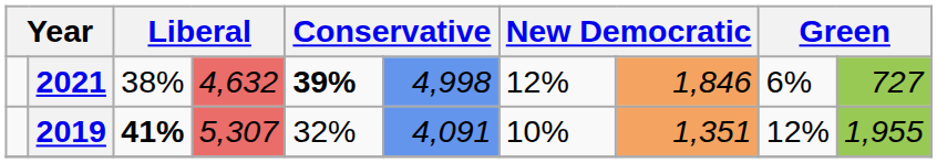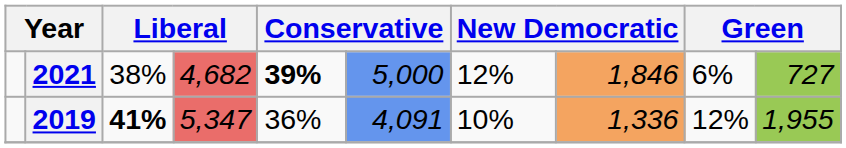 <table class="wikitable" style="float:right; width:400; font-size:90%; margin-left:1em;">
 <tr>
 <th colspan="2" scope="col">Year</th>
 <th colspan="2" scope="col"><a href='#'>Liberal</a></th>
 <th colspan="2" scope="col"><a href='#'>Conservative</a></th>
 <th colspan="2" scope="col"><a href='#'>New Democratic</a></th>
 <th colspan="2" scope="col"><a href='#'>Green</a></th>
 </tr>
 <tr>
 <td style="width: 0.25em; background-color: "></td>
 <th><a href='#'>2021</a></th>
 <td>38%</td>
-<td style="text-align:right; background:#EA6D6A;"><em>4,632</em></td>
+<td style="text-align:right; background:#EA6D6A;"><em>4,682</em></td>
 <td><strong>39%</strong></td>
-<td style="text-align:right; background:#6495ED;"><em>4,998</em></td>
+<td style="text-align:right; background:#6495ED;"><em>5,000</em></td>
 <td>12%</td>
 <td style="text-align:right; background:#F4A460;"><em>1,846</em></td>
 <td>6%</td>
 <td style="text-align:right; background:#99C955;"><em>727</em></td>
 </tr>
 <tr>
 <td style="width: 0.25em; background-color: "></td>
 <th><a href='#'>2019</a></th>
 <td><strong>41%</strong></td>
-<td style="text-align:right; background:#EA6D6A;"><em>5,307</em></td>
-<td>32%</td>
+<td style="text-align:right; background:#EA6D6A;"><em>5,347</em></td>
+<td>36%</td>
 <td style="text-align:right; background:#6495ED;"><em>4,091</em></td>
 <td>10%</td>
-<td style="text-align:right; background:#F4A460;"><em>1,351</em></td>
+<td style="text-align:right; background:#F4A460;"><em>1,336</em></td>
 <td>12%</td>
 <td style="text-align:right; background:#99C955;"><em>1,955</em></td>
 </tr>
 <tr>
 </tr>
 </table>
